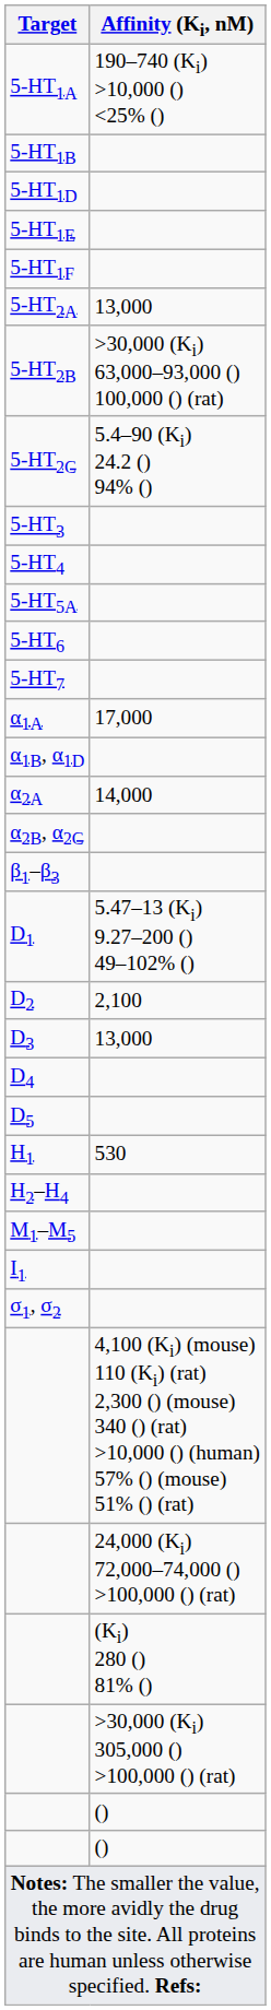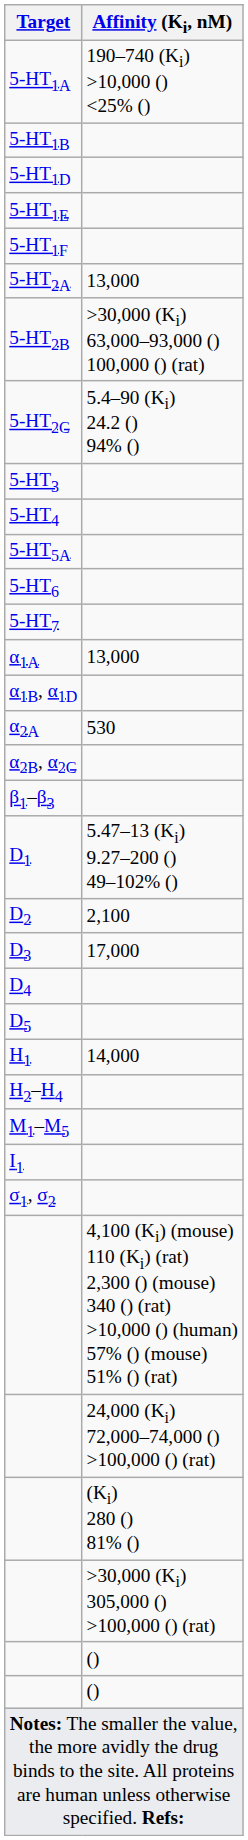 <table class="wikitable floatleft" style="font-size:small;">
 <tr>
 <th><a href='#'>Target</a></th>
 <th><a href='#'>Affinity</a> (K<sub>i</sub>, nM)</th>
 </tr>
 <tr>
 <td><a href='#'>5-HT<sub>1A</sub></a></td>
 <td>190–740 (K<sub>i</sub>)<br>>10,000 ()<br><25% ()</td>
 </tr>
 <tr>
 <td><a href='#'>5-HT<sub>1B</sub></a></td>
 <td></td>
 </tr>
 <tr>
 <td><a href='#'>5-HT<sub>1D</sub></a></td>
 <td></td>
 </tr>
 <tr>
 <td><a href='#'>5-HT<sub>1E</sub></a></td>
 <td></td>
 </tr>
 <tr>
 <td><a href='#'>5-HT<sub>1F</sub></a></td>
 <td></td>
 </tr>
 <tr>
 <td><a href='#'>5-HT<sub>2A</sub></a></td>
 <td>13,000</td>
 </tr>
 <tr>
 <td><a href='#'>5-HT<sub>2B</sub></a></td>
 <td>>30,000 (K<sub>i</sub>)<br>63,000–93,000 ()<br>100,000 () (rat)</td>
 </tr>
 <tr>
 <td><a href='#'>5-HT<sub>2C</sub></a></td>
 <td>5.4–90 (K<sub>i</sub>)<br>24.2 ()<br>94% ()</td>
 </tr>
 <tr>
 <td><a href='#'>5-HT<sub>3</sub></a></td>
 <td></td>
 </tr>
 <tr>
 <td><a href='#'>5-HT<sub>4</sub></a></td>
 <td></td>
 </tr>
 <tr>
 <td><a href='#'>5-HT<sub>5A</sub></a></td>
 <td></td>
 </tr>
 <tr>
 <td><a href='#'>5-HT<sub>6</sub></a></td>
 <td></td>
 </tr>
 <tr>
 <td><a href='#'>5-HT<sub>7</sub></a></td>
 <td></td>
 </tr>
 <tr>
 <td><a href='#'>α<sub>1A</sub></a></td>
-<td>17,000</td>
+<td>13,000</td>
 </tr>
 <tr>
 <td><a href='#'>α<sub>1B</sub></a>, <a href='#'>α<sub>1D</sub></a></td>
 <td></td>
 </tr>
 <tr>
 <td><a href='#'>α<sub>2A</sub></a></td>
-<td>14,000</td>
+<td>530</td>
 </tr>
 <tr>
 <td><a href='#'>α<sub>2B</sub></a>, <a href='#'>α<sub>2C</sub></a></td>
 <td></td>
 </tr>
 <tr>
 <td><a href='#'>β<sub>1</sub></a>–<a href='#'>β<sub>3</sub></a></td>
 <td></td>
 </tr>
 <tr>
 <td><a href='#'>D<sub>1</sub></a></td>
 <td>5.47–13 (K<sub>i</sub>)<br>9.27–200 ()<br>49–102% ()</td>
 </tr>
 <tr>
 <td><a href='#'>D<sub>2</sub></a></td>
 <td>2,100</td>
 </tr>
 <tr>
 <td><a href='#'>D<sub>3</sub></a></td>
-<td>13,000</td>
+<td>17,000</td>
 </tr>
 <tr>
 <td><a href='#'>D<sub>4</sub></a></td>
 <td></td>
 </tr>
 <tr>
 <td><a href='#'>D<sub>5</sub></a></td>
 <td></td>
 </tr>
 <tr>
 <td><a href='#'>H<sub>1</sub></a></td>
-<td>530</td>
+<td>14,000</td>
 </tr>
 <tr>
 <td><a href='#'>H<sub>2</sub></a>–<a href='#'>H<sub>4</sub></a></td>
 <td></td>
 </tr>
 <tr>
 <td><a href='#'>M<sub>1</sub></a>–<a href='#'>M<sub>5</sub></a></td>
 <td></td>
 </tr>
 <tr>
 <td><a href='#'>I<sub>1</sub></a></td>
 <td></td>
 </tr>
 <tr>
 <td><a href='#'>σ<sub>1</sub></a>, <a href='#'>σ<sub>2</sub></a></td>
 <td></td>
 </tr>
 <tr>
 <td></td>
 <td>4,100 (K<sub>i</sub>) (mouse)<br>110 (K<sub>i</sub>) (rat)<br>2,300 () (mouse)<br>340 () (rat)<br>>10,000 () (human)<br>57% () (mouse)<br>51% () (rat)</td>
 </tr>
 <tr>
 <td></td>
 <td>24,000 (K<sub>i</sub>)<br>72,000–74,000 ()<br>>100,000 () (rat)</td>
 </tr>
 <tr>
 <td></td>
 <td> (K<sub>i</sub>)<br>280 ()<br>81% ()</td>
 </tr>
 <tr>
 <td></td>
 <td>>30,000 (K<sub>i</sub>)<br>305,000 ()<br>>100,000 () (rat)</td>
 </tr>
 <tr>
 <td></td>
 <td> ()</td>
 </tr>
 <tr>
 <td></td>
 <td> ()</td>
 </tr>
 <tr class="sortbottom">
 <td colspan="2" style="width: 1px; background-color:#eaecf0; text-align: center;"><strong>Notes:</strong> The smaller the value, the more avidly the drug binds to the site. All proteins are human unless otherwise specified. <strong>Refs:</strong> </td>
 </tr>
 </table>
